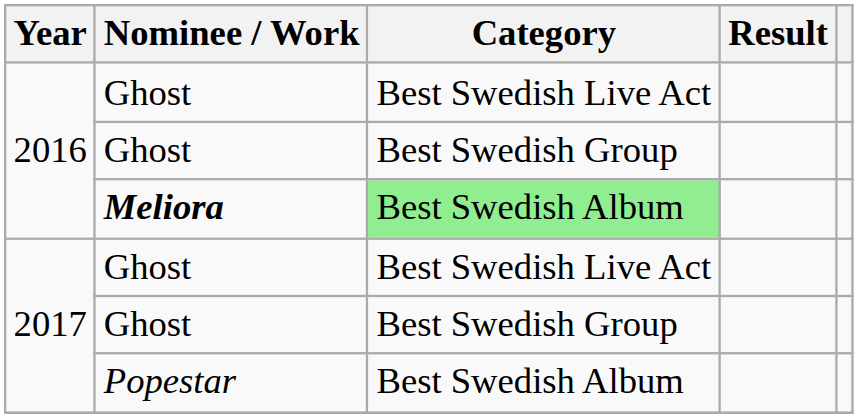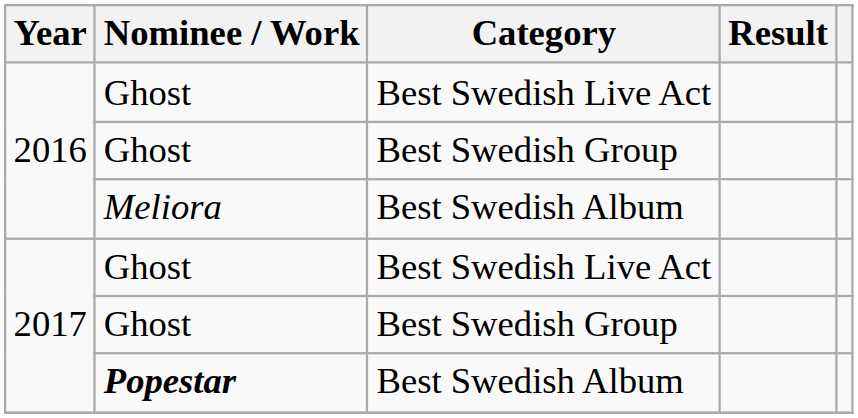 <table class="wikitable sortable plainrowheaders">
 <tr>
 <th scope="col">Year</th>
 <th scope="col">Nominee / Work</th>
 <th scope="col">Category</th>
 <th scope="col">Result</th>
 <th scope="col" class="unsortable"></th>
 </tr>
 <tr>
 <td rowspan="3">2016</td>
 <td>Ghost</td>
 <td>Best Swedish Live Act</td>
 <td></td>
 <td style="text-align:center;"></td>
 </tr>
 <tr>
 <td>Ghost</td>
 <td>Best Swedish Group</td>
 <td></td>
 <td style="text-align:center;"></td>
 </tr>
 <tr>
-<td><strong><em>Meliora</em></strong></td>
-<td style="background: lightgreen;">Best Swedish Album</td>
+<td><em>Meliora</em></td>
+<td>Best Swedish Album</td>
 <td></td>
 <td style="text-align:center;"></td>
 </tr>
 <tr>
 <td rowspan="3">2017</td>
 <td>Ghost</td>
 <td>Best Swedish Live Act</td>
 <td></td>
 <td style="text-align:center;"></td>
 </tr>
 <tr>
 <td>Ghost</td>
 <td>Best Swedish Group</td>
 <td></td>
 <td style="text-align:center;"></td>
 </tr>
 <tr>
-<td><em>Popestar</em></td>
+<td><strong><em>Popestar</em></strong></td>
 <td>Best Swedish Album</td>
 <td></td>
 <td style="text-align:center;"></td>
 </tr>
 <tr>
 </tr>
 </table>
